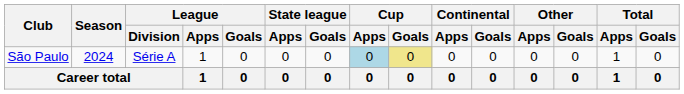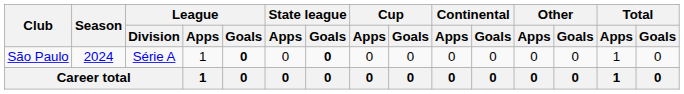 <table class="wikitable" style="text-align: center">
 <tr>
 <th rowspan="2">Club</th>
 <th rowspan="2">Season</th>
 <th colspan="3">League</th>
 <th colspan="2">State league</th>
 <th colspan="2">Cup</th>
 <th colspan="2">Continental</th>
 <th colspan="2">Other</th>
 <th colspan="2">Total</th>
 </tr>
 <tr>
 <th>Division</th>
 <th>Apps</th>
 <th>Goals</th>
 <th>Apps</th>
 <th>Goals</th>
 <th>Apps</th>
 <th>Goals</th>
 <th>Apps</th>
 <th>Goals</th>
 <th>Apps</th>
 <th>Goals</th>
 <th>Apps</th>
 <th>Goals</th>
 </tr>
 <tr>
 <td><a href='#'>São Paulo</a></td>
 <td><a href='#'>2024</a></td>
 <td><a href='#'>Série A</a></td>
 <td>1</td>
+<td><strong>0</strong></td>
+<td>0</td>
+<td><strong>0</strong></td>
 <td>0</td>
 <td>0</td>
-<td>0</td>
-<td style="background: lightblue;">0</td>
-<td style="background: khaki;">0</td>
 <td>0</td>
 <td>0</td>
 <td>0</td>
 <td>0</td>
 <td>1</td>
 <td>0</td>
 </tr>
 <tr>
 <th colspan="3"><strong>Career total</strong></th>
 <th>1</th>
 <th>0</th>
 <th>0</th>
 <th>0</th>
 <th>0</th>
 <th>0</th>
 <th>0</th>
 <th>0</th>
 <th>0</th>
 <th>0</th>
 <th>1</th>
 <th>0</th>
 </tr>
 </table>
